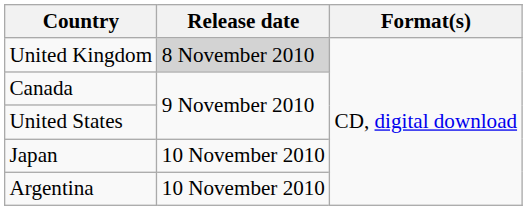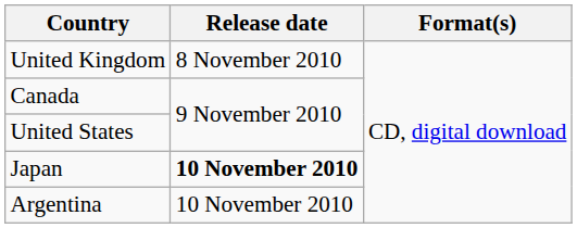 <table class="wikitable">
 <tr>
 <th>Country</th>
 <th>Release date</th>
 <th>Format(s)</th>
 </tr>
 <tr>
 <td>United Kingdom</td>
-<td style="background: lightgrey;">8 November 2010</td>
+<td>8 November 2010</td>
 <td rowspan="6">CD, <a href='#'>digital download</a></td>
 </tr>
 <tr>
 <td>Canada</td>
 <td rowspan="2">9 November 2010</td>
 </tr>
 <tr>
 <td>United States</td>
 </tr>
 <tr>
 <td>Japan</td>
-<td>10 November 2010</td>
+<td><strong>10 November 2010</strong></td>
 </tr>
 <tr>
 <td>Argentina</td>
 <td>10 November 2010</td>
 </tr>
 </table>
